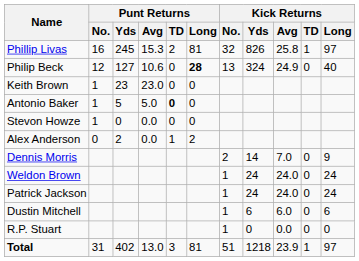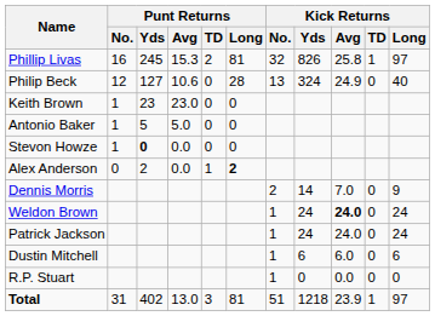 <table class="wikitable" style="white-space:nowrap;">
 <tr>
 <th rowspan="2">Name</th>
 <th colspan="5">Punt Returns</th>
 <th colspan="5">Kick Returns</th>
 </tr>
 <tr>
 <th>No.</th>
 <th>Yds</th>
 <th>Avg</th>
 <th>TD</th>
 <th>Long</th>
 <th>No.</th>
 <th>Yds</th>
 <th>Avg</th>
 <th>TD</th>
 <th>Long</th>
 </tr>
 <tr>
 <td><a href='#'>Phillip Livas</a></td>
 <td>16</td>
 <td>245</td>
 <td>15.3</td>
 <td>2</td>
 <td>81</td>
 <td>32</td>
 <td>826</td>
 <td>25.8</td>
 <td>1</td>
 <td>97</td>
 </tr>
 <tr>
 <td>Philip Beck</td>
 <td>12</td>
 <td>127</td>
 <td>10.6</td>
 <td>0</td>
-<td><strong>28</strong></td>
+<td>28</td>
 <td>13</td>
 <td>324</td>
 <td>24.9</td>
 <td>0</td>
 <td>40</td>
 </tr>
 <tr>
 <td>Keith Brown</td>
 <td>1</td>
 <td>23</td>
 <td>23.0</td>
 <td>0</td>
 <td>0</td>
 <td></td>
 <td></td>
 <td></td>
 <td></td>
 <td></td>
 </tr>
 <tr>
 <td>Antonio Baker</td>
 <td>1</td>
 <td>5</td>
 <td>5.0</td>
-<td><strong>0</strong></td>
+<td>0</td>
 <td>0</td>
 <td></td>
 <td></td>
 <td></td>
 <td></td>
 <td></td>
 </tr>
 <tr>
 <td>Stevon Howze</td>
 <td>1</td>
-<td>0</td>
+<td><strong>0</strong></td>
 <td>0.0</td>
 <td>0</td>
 <td>0</td>
 <td></td>
 <td></td>
 <td></td>
 <td></td>
 <td></td>
 </tr>
 <tr>
 <td>Alex Anderson</td>
 <td>0</td>
 <td>2</td>
 <td>0.0</td>
 <td>1</td>
-<td>2</td>
+<td><strong>2</strong></td>
 <td></td>
 <td></td>
 <td></td>
 <td></td>
 <td></td>
 </tr>
 <tr>
 <td><a href='#'>Dennis Morris</a></td>
 <td></td>
 <td></td>
 <td></td>
 <td></td>
 <td></td>
 <td>2</td>
 <td>14</td>
 <td>7.0</td>
 <td>0</td>
 <td>9</td>
 </tr>
 <tr>
 <td><a href='#'>Weldon Brown</a></td>
 <td></td>
 <td></td>
 <td></td>
 <td></td>
 <td></td>
 <td>1</td>
 <td>24</td>
-<td>24.0</td>
+<td><strong>24.0</strong></td>
 <td>0</td>
 <td>24</td>
 </tr>
 <tr>
 <td>Patrick Jackson</td>
 <td></td>
 <td></td>
 <td></td>
 <td></td>
 <td></td>
 <td>1</td>
 <td>24</td>
 <td>24.0</td>
 <td>0</td>
 <td>24</td>
 </tr>
 <tr>
 <td>Dustin Mitchell</td>
 <td></td>
 <td></td>
 <td></td>
 <td></td>
 <td></td>
 <td>1</td>
 <td>6</td>
 <td>6.0</td>
 <td>0</td>
 <td>6</td>
 </tr>
 <tr>
 <td>R.P. Stuart</td>
 <td></td>
 <td></td>
 <td></td>
 <td></td>
 <td></td>
 <td>1</td>
 <td>0</td>
 <td>0.0</td>
 <td>0</td>
 <td>0</td>
 </tr>
 <tr>
 <td><strong>Total</strong></td>
 <td>31</td>
 <td>402</td>
 <td>13.0</td>
 <td>3</td>
 <td>81</td>
 <td>51</td>
 <td>1218</td>
 <td>23.9</td>
 <td>1</td>
 <td>97</td>
 </tr>
 </table>
